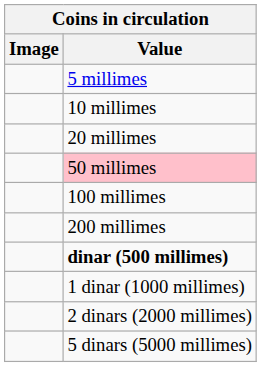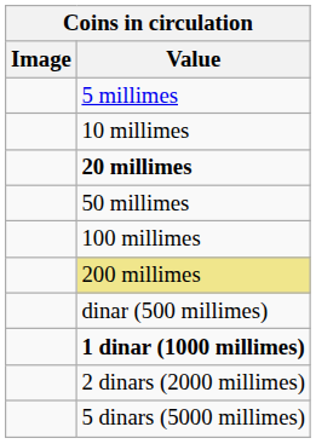 <table class="wikitable center" style="font-size: 100%">
 <tr>
 <th colspan="6">Coins in circulation</th>
 </tr>
 <tr>
 <th>Image</th>
 <th>Value</th>
 </tr>
 <tr>
 <td></td>
 <td><a href='#'>5 millimes</a></td>
 </tr>
 <tr>
 <td></td>
 <td>10 millimes</td>
 </tr>
 <tr>
 <td></td>
-<td>20 millimes</td>
+<td><strong>20 millimes</strong></td>
 </tr>
 <tr>
 <td></td>
-<td style="background: pink;">50 millimes</td>
+<td>50 millimes</td>
 </tr>
 <tr>
 <td></td>
 <td>100 millimes</td>
 </tr>
 <tr>
 <td></td>
-<td>200 millimes</td>
+<td style="background: khaki;">200 millimes</td>
 </tr>
 <tr>
 <td></td>
-<td><strong> dinar (500 millimes)</strong></td>
+<td> dinar (500 millimes)</td>
 </tr>
 <tr>
 <td></td>
-<td>1 dinar (1000 millimes)</td>
+<td><strong>1 dinar (1000 millimes)</strong></td>
 </tr>
 <tr>
 <td></td>
 <td>2 dinars (2000 millimes)</td>
 </tr>
 <tr>
 <td></td>
 <td>5 dinars (5000 millimes)</td>
 </tr>
 </table>
